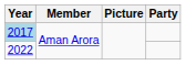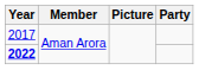 <table class="wikitable sortable">
 <tr>
 <th>Year</th>
 <th>Member</th>
 <th>Picture</th>
 <th colspan="2">Party</th>
 </tr>
 <tr>
-<td style="background: lightblue;"><a href='#'>2017</a></td>
+<td><a href='#'>2017</a></td>
 <td rowspan="2"><a href='#'>Aman Arora</a></td>
 <td rowspan="2"></td>
 <td></td>
 </tr>
 <tr>
-<td><a href='#'>2022</a></td>
+<td><strong><a href='#'>2022</a></strong></td>
 </tr>
 </table>
